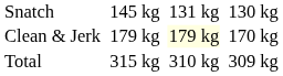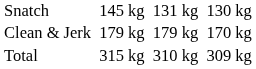 <table>
 <tr>
 <td>Snatch</td>
 <td></td>
 <td>145 kg</td>
 <td></td>
 <td>131 kg</td>
 <td></td>
 <td>130 kg</td>
 </tr>
 <tr>
 <td>Clean & Jerk</td>
 <td></td>
 <td>179 kg</td>
 <td></td>
-<td style="background: lightyellow;">179 kg</td>
+<td>179 kg</td>
 <td></td>
 <td>170 kg</td>
 </tr>
 <tr>
 <td>Total</td>
 <td></td>
 <td>315 kg</td>
 <td></td>
 <td>310 kg</td>
 <td></td>
 <td>309 kg</td>
 </tr>
 </table>
